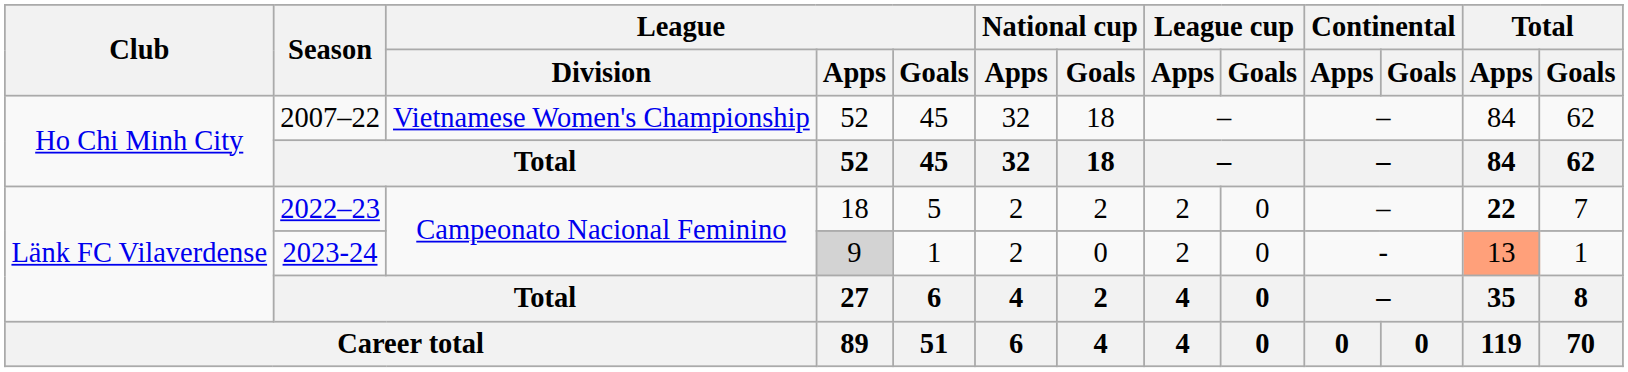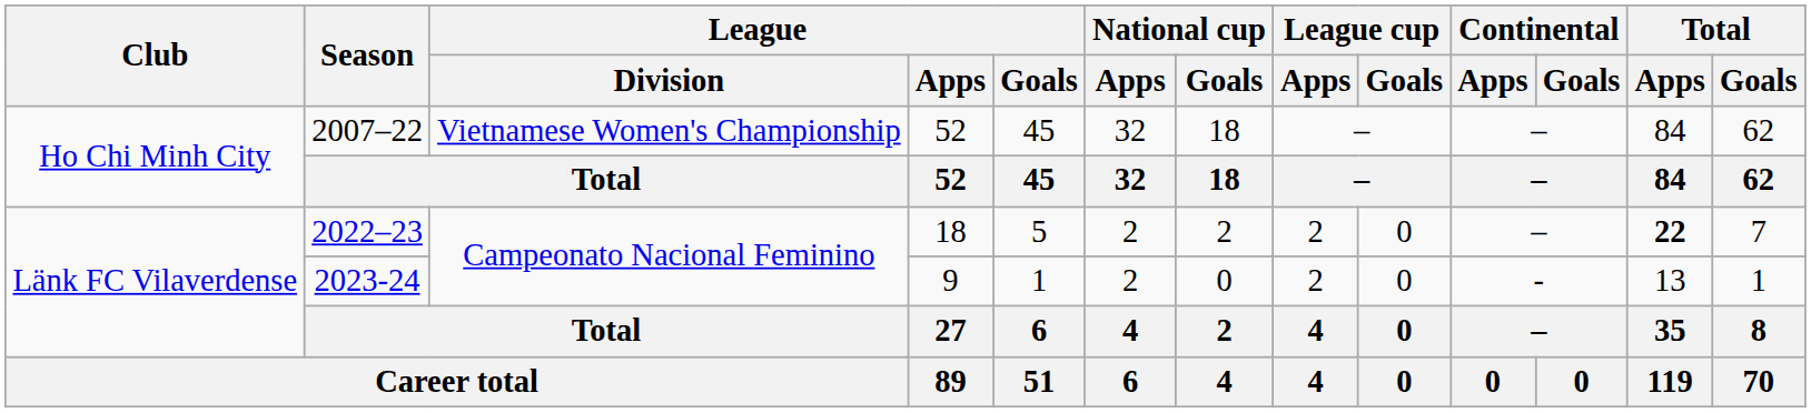 <table class="wikitable" style="text-align:center">
 <tr>
 <th rowspan="2">Club</th>
 <th rowspan="2">Season</th>
 <th colspan="3">League</th>
 <th colspan="2">National cup</th>
 <th colspan="2">League cup</th>
 <th colspan="2">Continental</th>
 <th colspan="2">Total</th>
 </tr>
 <tr>
 <th>Division</th>
 <th>Apps</th>
 <th>Goals</th>
 <th>Apps</th>
 <th>Goals</th>
 <th>Apps</th>
 <th>Goals</th>
 <th>Apps</th>
 <th>Goals</th>
 <th>Apps</th>
 <th>Goals</th>
 </tr>
 <tr>
 <td rowspan=2><a href='#'>Ho Chi Minh City</a></td>
 <td>2007–22</td>
 <td><a href='#'>Vietnamese Women's Championship</a></td>
 <td>52</td>
 <td>45</td>
 <td>32</td>
 <td>18</td>
 <td colspan=2>–</td>
 <td colspan=2>–</td>
 <td>84</td>
 <td>62</td>
 </tr>
 <tr>
 <th colspan=2>Total</th>
 <th>52</th>
 <th>45</th>
 <th>32</th>
 <th>18</th>
 <th colspan=2>–</th>
 <th colspan=2>–</th>
 <th>84</th>
 <th>62</th>
 </tr>
 <tr>
 <td rowspan=3><a href='#'>Länk FC Vilaverdense</a></td>
 <td><a href='#'>2022–23</a></td>
 <td rowspan=2><a href='#'>Campeonato Nacional Feminino</a></td>
 <td>18</td>
 <td>5</td>
 <td>2</td>
 <td>2</td>
 <td>2</td>
 <td>0</td>
 <td colspan=2>–</td>
 <td><strong>22</strong></td>
 <td>7</td>
 </tr>
 <tr>
 <td><a href='#'>2023-24</a></td>
-<td style="background: lightgrey;">9</td>
+<td>9</td>
 <td>1</td>
 <td>2</td>
 <td>0</td>
 <td>2</td>
 <td>0</td>
 <td colspan=2>-</td>
-<td style="background: lightsalmon;">13</td>
+<td>13</td>
 <td>1</td>
 </tr>
 <tr>
 <th colspan=2>Total</th>
 <th>27</th>
 <th>6</th>
 <th>4</th>
 <th>2</th>
 <th>4</th>
 <th>0</th>
 <th colspan=2>–</th>
 <th>35</th>
 <th>8</th>
 </tr>
 <tr>
 <th colspan="3">Career total</th>
 <th>89</th>
 <th>51</th>
 <th>6</th>
 <th>4</th>
 <th>4</th>
 <th>0</th>
 <th>0</th>
 <th>0</th>
 <th>119</th>
 <th>70</th>
 </tr>
 </table>
